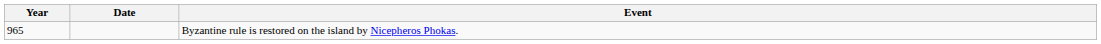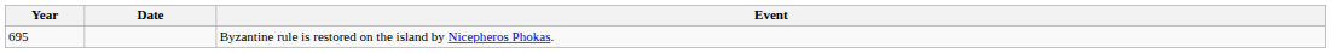 <table class="wikitable" width="100%">
 <tr>
 <th style="width:6%">Year</th>
 <th style="width:10%">Date</th>
 <th>Event</th>
 </tr>
 <tr>
-<td>965</td>
+<td>695</td>
 <td></td>
 <td>Byzantine rule is restored on the island by <a href='#'>Nicepheros Phokas</a>.</td>
 </tr>
 </table>
